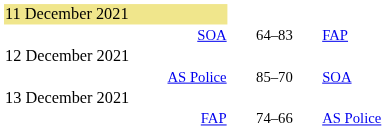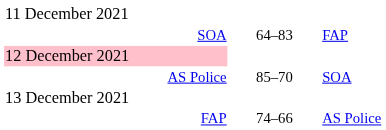 <table style="width:100%;" cellspacing="1">
 <tr>
 <th width=25%></th>
 <th width=2%></th>
 <th width=6%></th>
 <th width=2%></th>
 <th width=25%></th>
 </tr>
 <tr>
-<td style="background: khaki;">11 December 2021</td>
+<td>11 December 2021</td>
 </tr>
 <tr style=font-size:90%>
 <td align=right><a href='#'>SOA</a> </td>
 <td></td>
 <td align=center>64–83</td>
 <td></td>
 <td> <a href='#'>FAP</a></td>
 <td></td>
 </tr>
 <tr>
-<td>12 December 2021</td>
+<td style="background: pink;">12 December 2021</td>
 </tr>
 <tr style=font-size:90%>
 <td align=right><a href='#'>AS Police</a> </td>
 <td></td>
 <td align=center>85–70</td>
 <td></td>
 <td> <a href='#'>SOA</a></td>
 <td></td>
 </tr>
 <tr>
 <td>13 December 2021</td>
 </tr>
 <tr style=font-size:90%>
 <td align=right><a href='#'>FAP</a> </td>
 <td></td>
 <td align=center>74–66</td>
 <td></td>
 <td> <a href='#'>AS Police</a></td>
 <td></td>
 </tr>
 <tr>
 </tr>
 <tr>
 </tr>
 </table>
